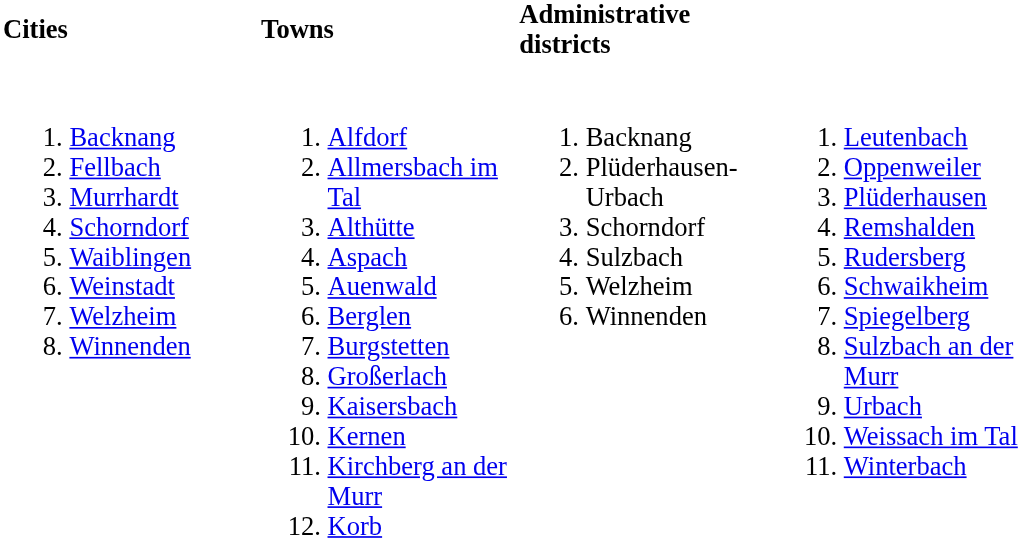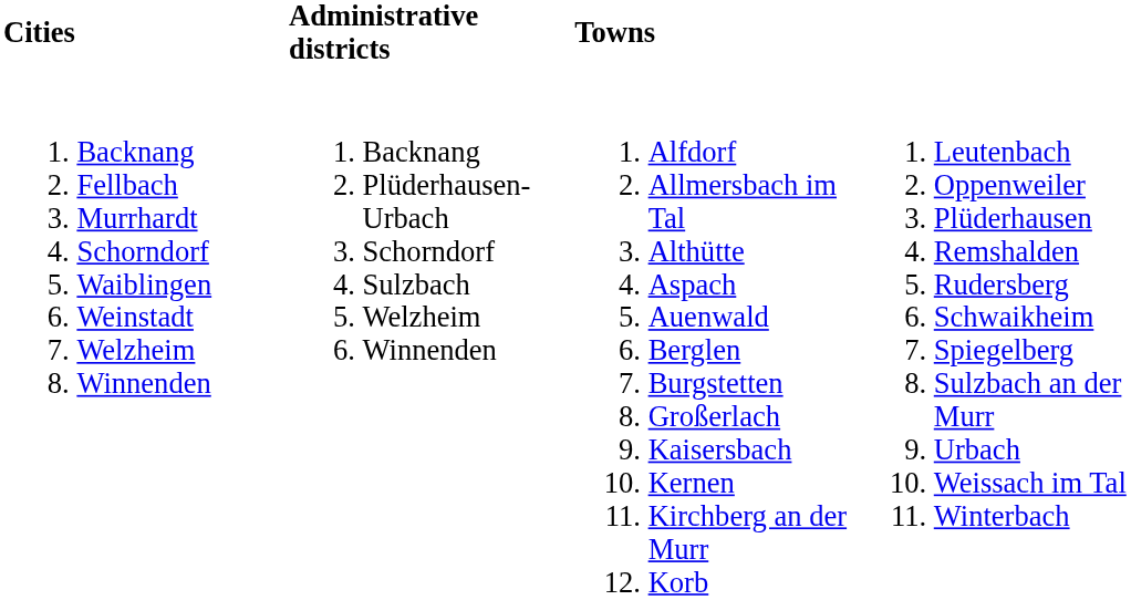 <table>
 <tr>
 <th width=25% align=left>Cities</th>
+<th width=25% align=left>Administrative districts</th>
 <th width=25% align=left>Towns</th>
-<th width=25% align=left>Administrative districts</th>
 <th width=25% align=left></th>
 </tr>
 <tr valign=top>
 <td><br><ol><li><a href='#'>Backnang</a></li><li><a href='#'>Fellbach</a></li><li><a href='#'>Murrhardt</a></li><li><a href='#'>Schorndorf</a></li><li><a href='#'>Waiblingen</a></li><li><a href='#'>Weinstadt</a></li><li><a href='#'>Welzheim</a></li><li><a href='#'>Winnenden</a></li></ol></td>
+<td><br><ol><li>Backnang</li><li>Plüderhausen-Urbach</li><li>Schorndorf</li><li>Sulzbach</li><li>Welzheim</li><li>Winnenden</li></ol></td>
 <td><br><ol><li><a href='#'>Alfdorf</a></li><li><a href='#'>Allmersbach im Tal</a></li><li><a href='#'>Althütte</a></li><li><a href='#'>Aspach</a></li><li><a href='#'>Auenwald</a></li><li><a href='#'>Berglen</a></li><li><a href='#'>Burgstetten</a></li><li><a href='#'>Großerlach</a></li><li><a href='#'>Kaisersbach</a></li><li><a href='#'>Kernen</a></li><li><a href='#'>Kirchberg an der Murr</a></li><li><a href='#'>Korb</a></li></ol></td>
-<td><br><ol><li>Backnang</li><li>Plüderhausen-Urbach</li><li>Schorndorf</li><li>Sulzbach</li><li>Welzheim</li><li>Winnenden</li></ol></td>
 <td><br><ol> <li><a href='#'>Leutenbach</a> <li><a href='#'>Oppenweiler</a> <li><a href='#'>Plüderhausen</a> <li><a href='#'>Remshalden</a> <li><a href='#'>Rudersberg</a> <li><a href='#'>Schwaikheim</a> <li><a href='#'>Spiegelberg</a> <li><a href='#'>Sulzbach an der Murr</a> <li><a href='#'>Urbach</a> <li><a href='#'>Weissach im Tal</a> <li><a href='#'>Winterbach</a> </ol></td>
 </tr>
 </table>
